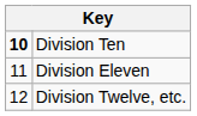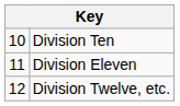 <table class="wikitable" style="font-size:85%">
 <tr>
 <th colspan=2>Key</th>
 </tr>
 <tr>
-<td style="text-align: center;"><strong>10</strong></td>
+<td style="text-align: center;">10</td>
 <td>Division Ten</td>
 </tr>
 <tr>
 <td style="text-align: center;">11</td>
 <td>Division Eleven</td>
 </tr>
 <tr>
 <td style="text-align: center;">12</td>
 <td>Division Twelve, etc.</td>
 </tr>
 </table>
